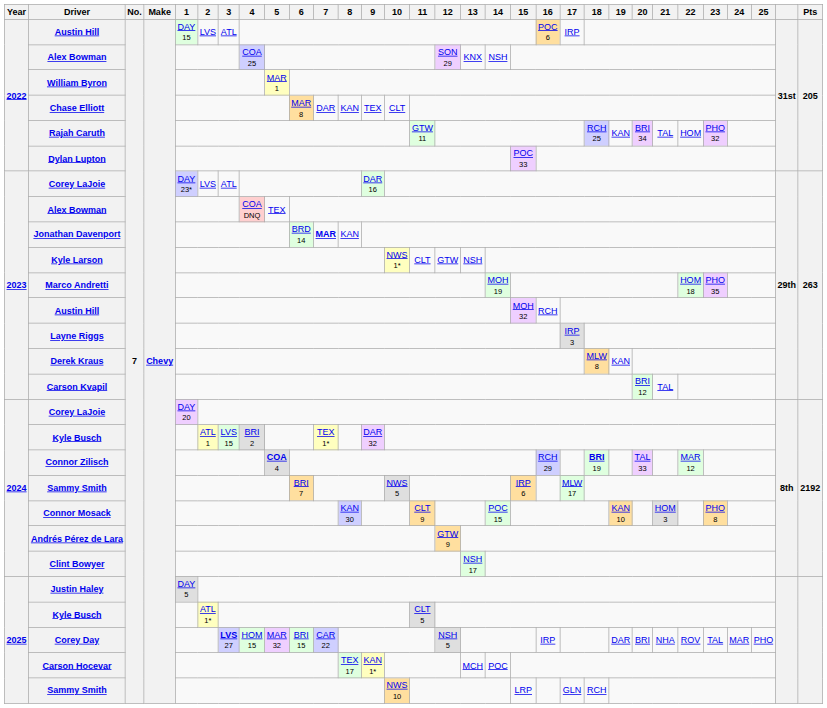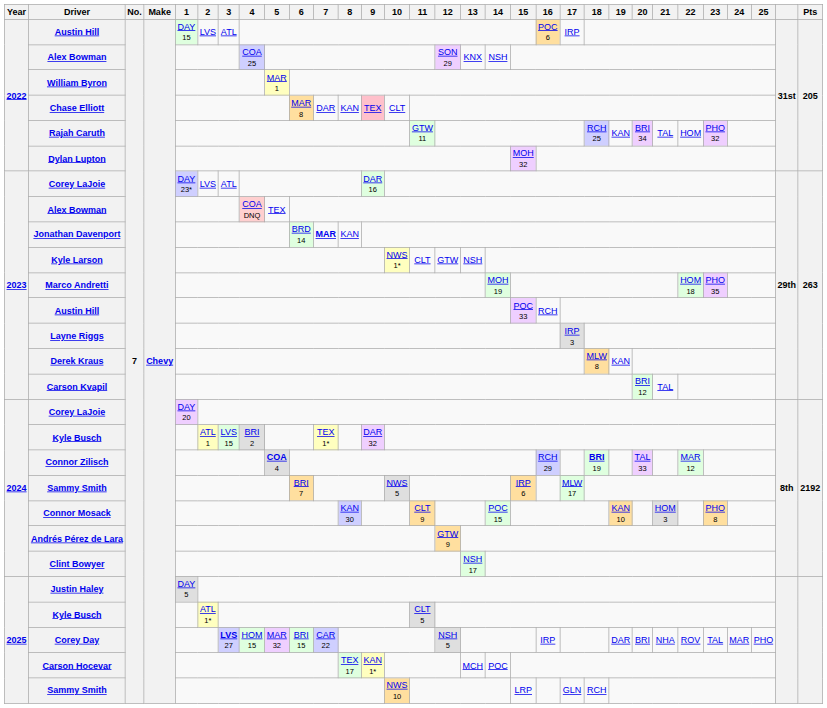 <table class="wikitable" style="text-align:center; font-size:75%">
 <tr>
 <th>Year</th>
 <th>Driver</th>
 <th>No.</th>
 <th>Make</th>
 <th>1</th>
 <th>2</th>
 <th>3</th>
 <th>4</th>
 <th>5</th>
 <th>6</th>
 <th>7</th>
 <th>8</th>
 <th>9</th>
 <th>10</th>
 <th>11</th>
 <th>12</th>
 <th>13</th>
 <th>14</th>
 <th>15</th>
 <th>16</th>
 <th>17</th>
 <th>18</th>
 <th>19</th>
 <th>20</th>
 <th>21</th>
 <th>22</th>
 <th>23</th>
 <th>24</th>
 <th>25</th>
 <th></th>
 <th>Pts</th>
 </tr>
 <tr>
 <th rowspan=6><a href='#'>2022</a></th>
 <th><a href='#'>Austin Hill</a></th>
 <th rowspan="27">7</th>
 <th rowspan="27"><a href='#'>Chevy</a></th>
 <td style="background:#DFFFDF;"><a href='#'>DAY</a><br><small>15</small></td>
 <td><a href='#'>LVS</a></td>
 <td><a href='#'>ATL</a></td>
 <td colspan=12></td>
 <td style="background:#FFDF9F;"><a href='#'>POC</a><br><small>6</small></td>
 <td><a href='#'>IRP</a></td>
 <td colspan="8"></td>
 <th rowspan=6>31st</th>
 <th rowspan=6>205</th>
 </tr>
 <tr>
 <th><a href='#'>Alex Bowman</a></th>
 <td colspan=3></td>
 <td style="background:#CFCFFF;"><a href='#'>COA</a><br><small>25</small></td>
 <td colspan=7></td>
 <td style="background:#EFCFFF;"><a href='#'>SON</a><br><small>29</small></td>
 <td><a href='#'>KNX</a></td>
 <td><a href='#'>NSH</a></td>
 <td colspan="11"></td>
 </tr>
 <tr>
 <th><a href='#'>William Byron</a></th>
 <td colspan=4></td>
 <td style="background:#FFFFBF;"><a href='#'>MAR</a><br><small>1</small></td>
 <td colspan="20"></td>
 </tr>
 <tr>
 <th><a href='#'>Chase Elliott</a></th>
 <td colspan=5></td>
 <td style="background:#FFDF9F;"><a href='#'>MAR</a> <br><small>8</small></td>
 <td><a href='#'>DAR</a></td>
 <td><a href='#'>KAN</a></td>
-<td><a href='#'>TEX</a></td>
+<td style="background: pink;"><a href='#'>TEX</a></td>
 <td><a href='#'>CLT</a></td>
 <td colspan="15"></td>
 </tr>
 <tr>
 <th><a href='#'>Rajah Caruth</a></th>
 <td colspan=10></td>
 <td style="background:#DFFFDF;"><a href='#'>GTW</a><br><small>11</small></td>
 <td colspan="6"></td>
 <td style="background:#CFCFFF;"><a href='#'>RCH</a><br><small>25</small></td>
 <td><a href='#'>KAN</a></td>
 <td style="background:#EFCFFF;"><a href='#'>BRI</a><br><small>34</small></td>
 <td><a href='#'>TAL</a></td>
 <td><a href='#'>HOM</a></td>
 <td style="background:#EFCFFF;"><a href='#'>PHO</a><br><small>32</small></td>
 <td colspan="2"></td>
 </tr>
 <tr>
 <th><a href='#'>Dylan Lupton</a></th>
 <td colspan=14></td>
-<td style="background:#EFCFFF;"><a href='#'>POC</a><br><small>33</small></td>
+<td style="background:#EFCFFF;"><a href='#'>MOH</a><br><small>32</small></td>
 <td colspan="10"></td>
 </tr>
 <tr>
 <th rowspan=9><a href='#'>2023</a></th>
 <th><a href='#'>Corey LaJoie</a></th>
 <td style="background:#CFCFFF;"><a href='#'>DAY</a><br><small>23*</small></td>
 <td><a href='#'>LVS</a></td>
 <td><a href='#'>ATL</a></td>
 <td colspan=5></td>
 <td style="background:#DFFFDF;"><a href='#'>DAR</a><br><small>16</small></td>
 <td colspan="16"></td>
 <th rowspan=9>29th</th>
 <th rowspan=9>263</th>
 </tr>
 <tr>
 <th><a href='#'>Alex Bowman</a></th>
 <td colspan=3></td>
 <td style="background:#FFCFCF;"><a href='#'>COA</a><br><small>DNQ</small></td>
 <td><a href='#'>TEX</a></td>
 <td colspan="20"></td>
 </tr>
 <tr>
 <th><a href='#'>Jonathan Davenport</a></th>
 <td colspan=5></td>
 <td style="background:#DFFFDF;"><a href='#'>BRD</a><br><small>14</small></td>
 <td><strong><a href='#'>MAR</a></strong></td>
 <td><a href='#'>KAN</a></td>
 <td colspan="17"></td>
 </tr>
 <tr>
 <th><a href='#'>Kyle Larson</a></th>
 <td colspan=9></td>
 <td style="background:#FFFFBF;"><a href='#'>NWS</a><br><small>1*</small></td>
 <td><a href='#'>CLT</a></td>
 <td><a href='#'>GTW</a></td>
 <td><a href='#'>NSH</a></td>
 <td colspan="12"></td>
 </tr>
 <tr>
 <th><a href='#'>Marco Andretti</a></th>
 <td colspan=13></td>
 <td style="background:#DFFFDF;"><a href='#'>MOH</a><br><small>19</small></td>
 <td colspan="7"></td>
 <td style="background:#DFFFDF;"><a href='#'>HOM</a><br><small>18</small></td>
 <td style="background:#EFCFFF;"><a href='#'>PHO</a><br><small>35</small></td>
 <td colspan="2"></td>
 </tr>
 <tr>
 <th><a href='#'>Austin Hill</a></th>
 <td colspan=14></td>
-<td style="background:#EFCFFF;"><a href='#'>MOH</a><br><small>32</small></td>
+<td style="background:#EFCFFF;"><a href='#'>POC</a><br><small>33</small></td>
 <td><a href='#'>RCH</a></td>
 <td colspan="9"></td>
 </tr>
 <tr>
 <th><a href='#'>Layne Riggs</a></th>
 <td colspan=16></td>
 <td style="background:#DFDFDF;"><a href='#'>IRP</a><br><small>3</small></td>
 <td colspan="8"></td>
 </tr>
 <tr>
 <th><a href='#'>Derek Kraus</a></th>
 <td colspan=17></td>
 <td style="background:#FFDF9F;"><a href='#'>MLW</a><br><small>8</small></td>
 <td><a href='#'>KAN</a></td>
 <td colspan="6"></td>
 </tr>
 <tr>
 <th><a href='#'>Carson Kvapil</a></th>
 <td colspan=19></td>
 <td style="background:#DFFFDF;"><a href='#'>BRI</a><br><small>12</small></td>
 <td><a href='#'>TAL</a></td>
 <td colspan="4"></td>
 </tr>
 <tr>
 <th rowspan="7"><a href='#'>2024</a></th>
 <th><a href='#'>Corey LaJoie</a></th>
 <td style="background:#EFCFFF;"><a href='#'>DAY</a><br><small>20</small></td>
 <td colspan="24"></td>
 <th rowspan="7">8th</th>
 <th rowspan="7">2192</th>
 </tr>
 <tr>
 <th><a href='#'>Kyle Busch</a></th>
 <td></td>
 <td style="background:#FFFFBF;"><a href='#'>ATL</a><br><small>1</small></td>
 <td style="background:#DFFFDF;"><a href='#'>LVS</a><br><small>15</small></td>
 <td style="background:#DFDFDF;"><a href='#'>BRI</a><br><small>2</small></td>
 <td colspan="2"></td>
 <td style="background:#FFFFBF;”"><a href='#'>TEX</a> <br><small>1*</small></td>
 <td></td>
 <td style="background:#EFCFFF;"><a href='#'>DAR</a><br><small>32</small></td>
 <td colspan="16"></td>
 </tr>
 <tr>
 <th><a href='#'>Connor Zilisch</a></th>
 <td colspan="4"></td>
 <td style="background:#DFDFDF;"><strong><a href='#'>COA</a></strong><br><small>4</small></td>
 <td colspan="10"></td>
 <td style="background:#CFCFFF;"><a href='#'>RCH</a><br><small>29</small></td>
 <td></td>
 <td style="background:#DFFFDF;"><strong><a href='#'>BRI</a></strong><br><small>19</small></td>
 <td></td>
 <td style="background:#EFCFFF;"><a href='#'>TAL</a><br><small>33</small></td>
 <td></td>
 <td style="background:#DFFFDF;"><a href='#'>MAR</a><br><small>12</small></td>
 <td colspan="3"></td>
 </tr>
 <tr>
 <th><a href='#'>Sammy Smith</a></th>
 <td colspan="5"></td>
 <td style="background:#FFDF9F;"><a href='#'>BRI</a><br><small>7</small></td>
 <td colspan="3"></td>
 <td style="background:#DFDFDF;"><a href='#'>NWS</a><br><small>5</small></td>
 <td colspan="4"></td>
 <td style="background:#FFDF9F;"><a href='#'>IRP</a><br><small>6</small></td>
 <td></td>
 <td style="background:#DFFFDF;"><a href='#'>MLW</a><br><small>17</small></td>
 <td colspan="8"></td>
 </tr>
 <tr>
 <th><a href='#'>Connor Mosack</a></th>
 <td colspan="7"></td>
 <td style="background:#CFCFFF;"><a href='#'>KAN</a><br><small>30</small></td>
 <td colspan="2"></td>
 <td style="background:#FFDF9F;"><a href='#'>CLT</a><br><small>9</small></td>
 <td colspan="2"></td>
 <td style="background:#DFFFDF;"><a href='#'>POC</a><br><small>15</small></td>
 <td colspan="4"></td>
 <td style="background:#FFDF9F;"><a href='#'>KAN</a><br><small>10</small></td>
 <td></td>
 <td style="background:#DFDFDF;"><a href='#'>HOM</a><br><small>3</small></td>
 <td></td>
 <td style="background:#FFDF9F;"><a href='#'>PHO</a><br><small>8</small></td>
 <td colspan="2"></td>
 </tr>
 <tr>
 <th><a href='#'>Andrés Pérez de Lara</a></th>
 <td colspan="11"></td>
 <td style="background:#FFDF9F;"><a href='#'>GTW</a><br><small>9</small></td>
 <td colspan="13"></td>
 </tr>
 <tr>
 <th><a href='#'>Clint Bowyer</a></th>
 <td colspan="12"></td>
 <td style="background:#DFFFDF;"><a href='#'>NSH</a><br><small>17</small></td>
 <td colspan="12"></td>
 </tr>
 <tr>
 <th rowspan="5"><a href='#'>2025</a></th>
 <th><a href='#'>Justin Haley</a></th>
 <td style="background:#DFDFDF;"><a href='#'>DAY</a><br><small>5</small></td>
 <td colspan="24"></td>
 <th rowspan="5"></th>
 <th rowspan="5"></th>
 </tr>
 <tr>
 <th><a href='#'>Kyle Busch</a></th>
 <td></td>
 <td style="background:#FFFFBF;"><a href='#'>ATL</a><br><small>1*</small></td>
 <td colspan="8"></td>
 <td style="background:#DFDFDF;"><a href='#'>CLT</a><br><small>5</small></td>
 <td colspan="14"></td>
 </tr>
 <tr>
 <th><a href='#'>Corey Day</a></th>
 <td colspan="2"></td>
 <td style="background:#CFCFFF;"><strong><a href='#'>LVS</a></strong><br><small>27</small></td>
 <td style="background:#DFFFDF;"><a href='#'>HOM</a><br><small>15</small></td>
 <td style="background:#EFCFFF;"><a href='#'>MAR</a><br><small>32</small></td>
 <td style="background:#DFFFDF;"><a href='#'>BRI</a><br><small>15</small></td>
 <td style="background:#CFCFFF;"><a href='#'>CAR</a><br><small>22</small></td>
 <td colspan="4"></td>
 <td style="background:#DFDFDF;"><a href='#'>NSH</a><br><small>5</small></td>
 <td colspan="3"></td>
 <td><a href='#'>IRP</a></td>
 <td colspan="2"></td>
 <td><a href='#'>DAR</a></td>
 <td><a href='#'>BRI</a></td>
 <td><a href='#'>NHA</a></td>
 <td><a href='#'>ROV</a></td>
 <td><a href='#'>TAL</a></td>
 <td><a href='#'>MAR</a></td>
 <td><a href='#'>PHO</a></td>
 </tr>
 <tr>
 <th><a href='#'>Carson Hocevar</a></th>
 <td colspan="7"></td>
 <td style="background:#DFFFDF;"><a href='#'>TEX</a><br><small>17</small></td>
 <td style="background:#FFFFBF;"><a href='#'>KAN</a><br><small>1*</small></td>
 <td colspan="3"></td>
 <td><a href='#'>MCH</a></td>
 <td><a href='#'>POC</a></td>
 <td colspan="11"></td>
 </tr>
 <tr>
 <th><a href='#'>Sammy Smith</a></th>
 <td colspan="9"></td>
 <td style="background:#FFDF9F;"><a href='#'>NWS</a><br><small>10</small></td>
 <td colspan="4"></td>
 <td><a href='#'>LRP</a></td>
 <td></td>
 <td><a href='#'>GLN</a></td>
 <td><a href='#'>RCH</a></td>
 <td colspan="7"></td>
 </tr>
 </table>
